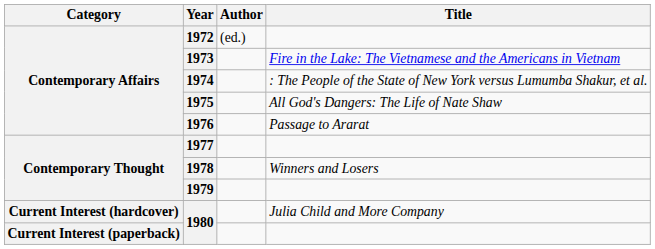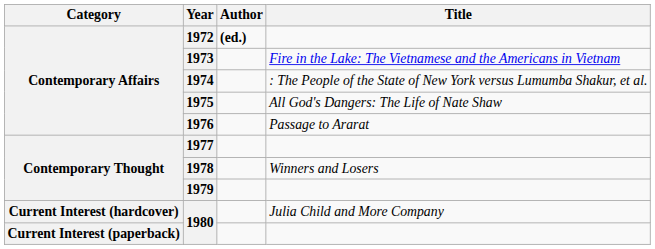 <table class="wikitable sortable mw-collapsible">
 <tr>
 <th>Category</th>
 <th>Year</th>
 <th>Author</th>
 <th>Title</th>
 </tr>
 <tr>
 <th rowspan="5">Contemporary Affairs</th>
 <th><strong>1972</strong></th>
-<td> (ed.)</td>
+<td><strong> (ed.)</strong></td>
 <td><em></em></td>
 </tr>
 <tr>
 <th><strong>1973</strong></th>
 <td></td>
 <td><em><a href='#'>Fire in the Lake: The Vietnamese and the Americans in Vietnam</a></em></td>
 </tr>
 <tr>
 <th><strong>1974</strong></th>
 <td></td>
 <td><em>: The People of the State of New York versus Lumumba Shakur, et al.</em></td>
 </tr>
 <tr>
 <th><strong>1975</strong></th>
 <td></td>
 <td><em>All God's Dangers: The Life of Nate Shaw</em> </td>
 </tr>
 <tr>
 <th><strong>1976</strong></th>
 <td></td>
 <td><em>Passage to Ararat</em></td>
 </tr>
 <tr>
 <th rowspan="3">Contemporary Thought</th>
 <th><strong>1977</strong></th>
 <td></td>
 <td><em></em></td>
 </tr>
 <tr>
 <th><strong>1978</strong></th>
 <td></td>
 <td><em>Winners and Losers</em></td>
 </tr>
 <tr>
 <th><strong>1979</strong></th>
 <td></td>
 <td><em></em></td>
 </tr>
 <tr>
 <th>Current Interest (hardcover)</th>
 <th rowspan="2">1980</th>
 <td></td>
 <td><em>Julia Child and More Company</em></td>
 </tr>
 <tr>
 <th>Current Interest (paperback)</th>
 <td></td>
 <td><em></em></td>
 </tr>
 </table>
